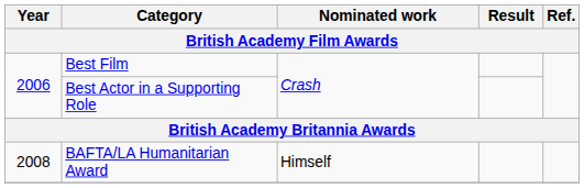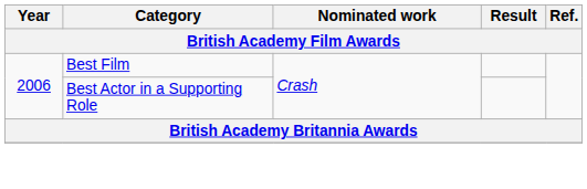 <table class=wikitable>
 <tr>
 <th scope="col" style="width:5em;">Year</th>
 <th scope="col" style="width:26em;">Category</th>
 <th scope="col" style="width:25em;">Nominated work</th>
 <th scope="col" style="width:5em;">Result</th>
 <th>Ref.</th>
 </tr>
 <tr>
 <th colspan=5><a href='#'>British Academy Film Awards</a></th>
 </tr>
 <tr>
 <td rowspan="2" style="text-align:center;"><a href='#'>2006</a></td>
 <td><a href='#'>Best Film</a></td>
 <td rowspan="2"><em><a href='#'>Crash</a></em></td>
 <td></td>
 <td style="text-align: center;" rowspan="2"></td>
 </tr>
 <tr>
 <td><a href='#'>Best Actor in a Supporting Role</a></td>
 <td></td>
 </tr>
 <tr>
 <th colspan=5><a href='#'>British Academy Britannia Awards</a></th>
 </tr>
 <tr>
-<td style="text-align: center">2008</td>
-<td><a href='#'>BAFTA/LA Humanitarian Award</a></td>
-<td>Himself</td>
-<td></td>
-<td style="text-align: center"></td>
-</tr>
-<tr>
 </tr>
 </table>
